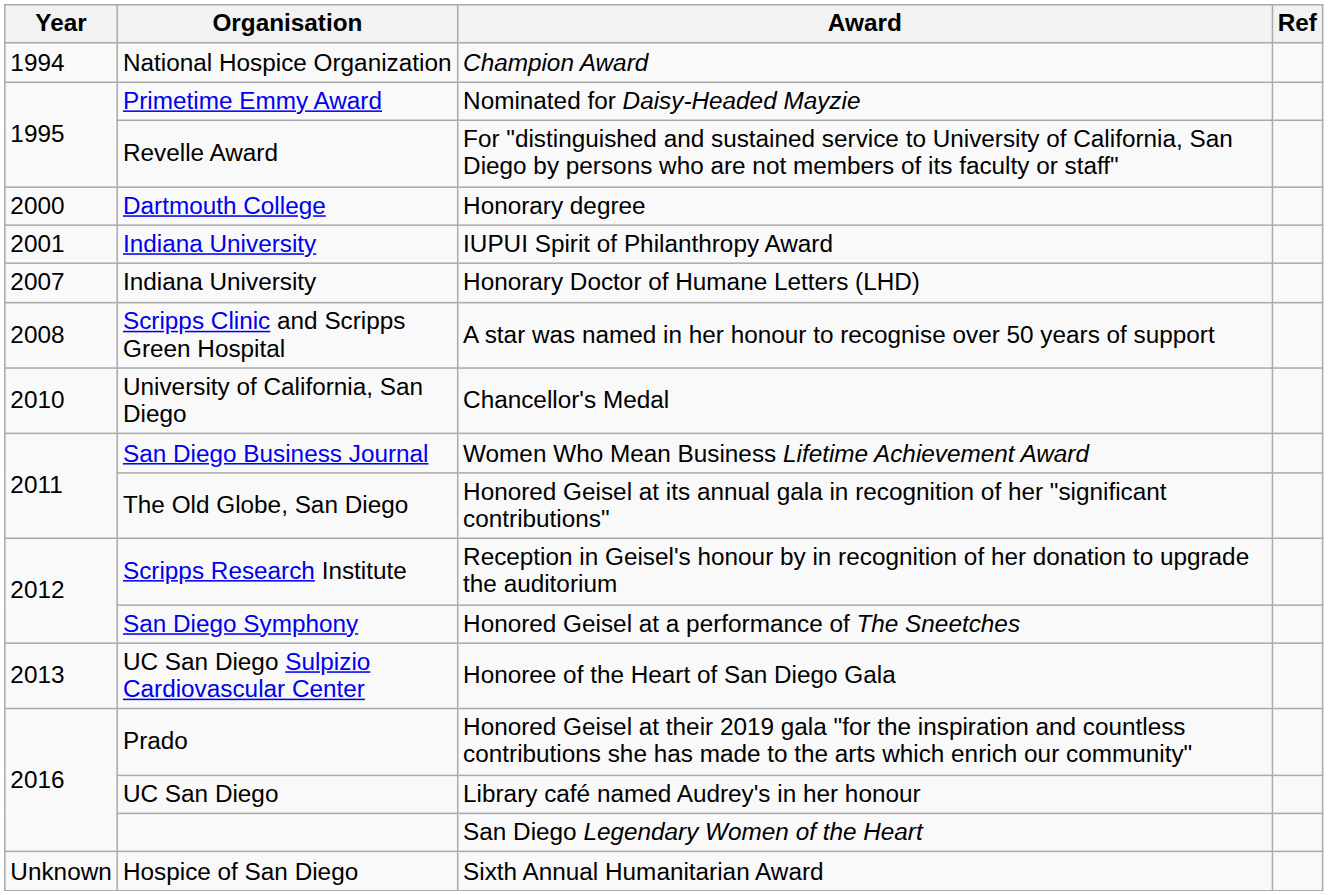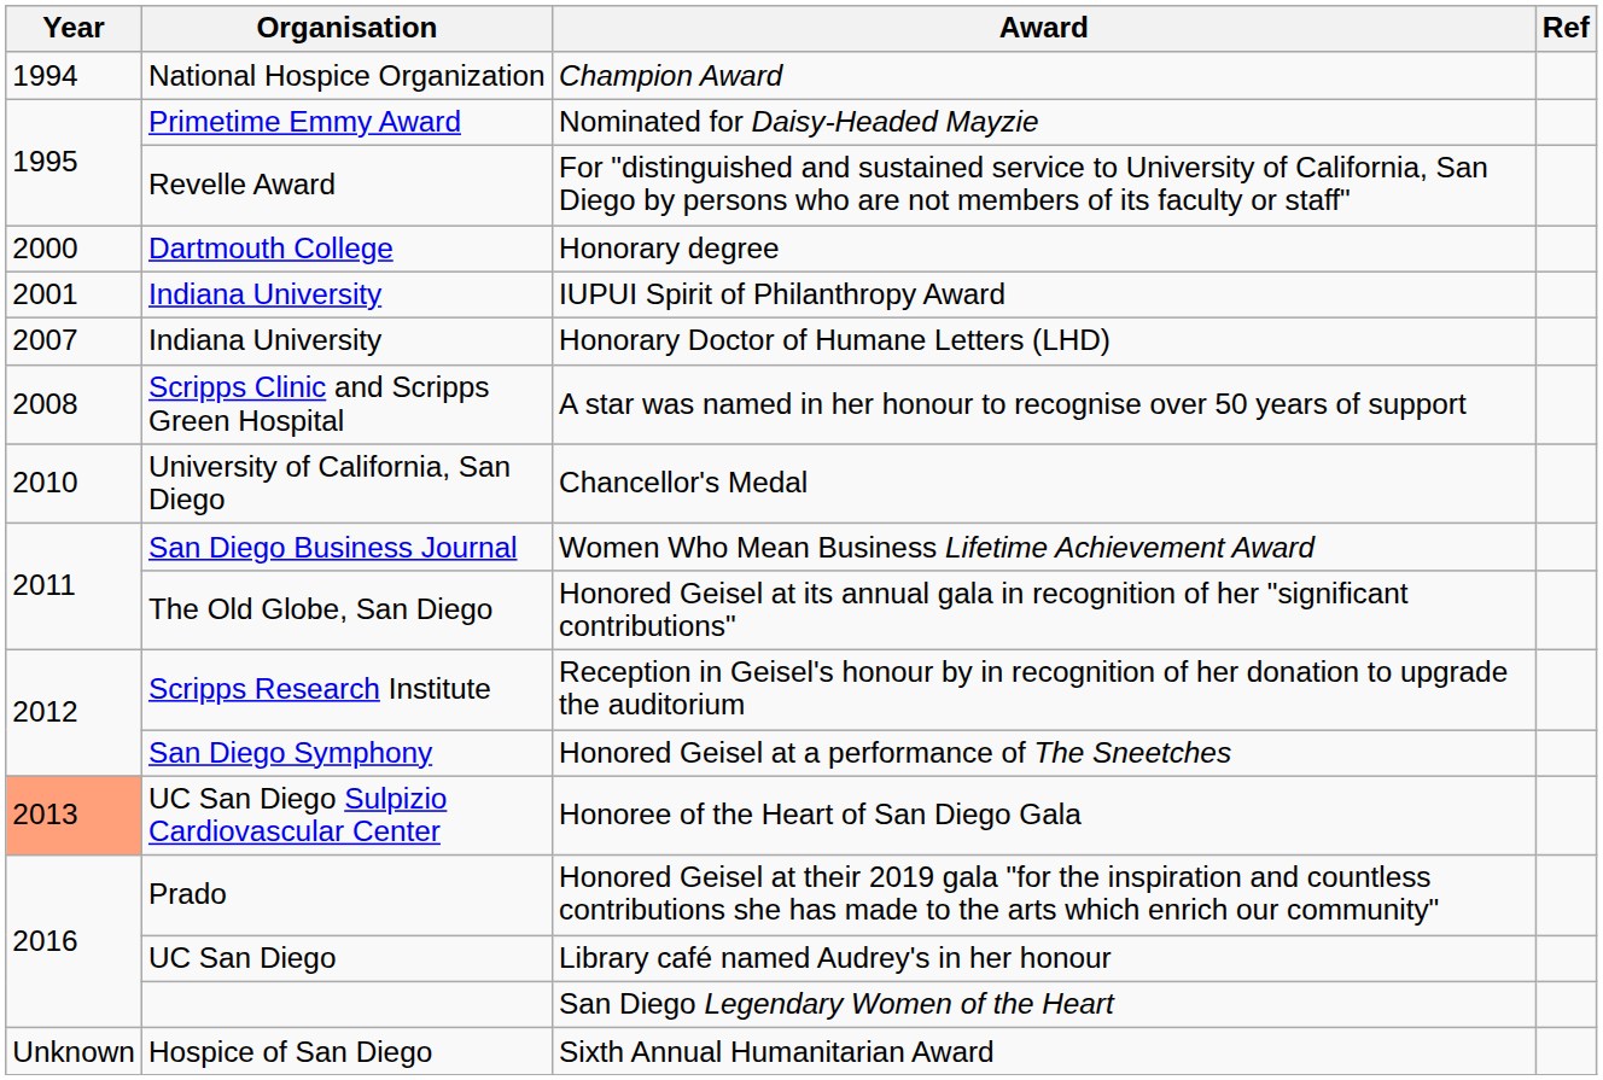 <table class=wikitable>
 <tr>
 <th>Year</th>
 <th>Organisation</th>
 <th>Award</th>
 <th>Ref</th>
 </tr>
 <tr>
 <td>1994</td>
 <td>National Hospice Organization</td>
 <td><em>Champion Award</em></td>
 <td></td>
 </tr>
 <tr>
 <td rowspan="2">1995</td>
 <td><a href='#'>Primetime Emmy Award</a></td>
 <td>Nominated for <em>Daisy-Headed Mayzie</em></td>
 <td></td>
 </tr>
 <tr>
 <td>Revelle Award</td>
 <td>For "distinguished and sustained service to University of California, San Diego by persons who are not members of its faculty or staff"</td>
 <td></td>
 </tr>
 <tr>
 <td>2000</td>
 <td><a href='#'>Dartmouth College</a></td>
 <td>Honorary degree</td>
 <td></td>
 </tr>
 <tr>
 <td>2001</td>
 <td><a href='#'>Indiana University</a></td>
 <td>IUPUI Spirit of Philanthropy Award</td>
 <td></td>
 </tr>
 <tr>
 <td>2007</td>
 <td>Indiana University</td>
 <td>Honorary Doctor of Humane Letters (LHD)</td>
 <td></td>
 </tr>
 <tr>
 <td>2008</td>
 <td><a href='#'>Scripps Clinic</a> and Scripps Green Hospital</td>
 <td>A star was named in her honour to recognise over 50 years of support</td>
 <td></td>
 </tr>
 <tr>
 <td>2010</td>
 <td>University of California, San Diego</td>
 <td>Chancellor's Medal</td>
 <td></td>
 </tr>
 <tr>
 <td rowspan="2">2011</td>
 <td><a href='#'>San Diego Business Journal</a></td>
 <td>Women Who Mean Business <em>Lifetime Achievement Award</em></td>
 <td></td>
 </tr>
 <tr>
 <td>The Old Globe, San Diego</td>
 <td>Honored Geisel at its annual gala in recognition of her "significant contributions"</td>
 <td></td>
 </tr>
 <tr>
 <td rowspan="2">2012</td>
 <td><a href='#'>Scripps Research</a> Institute</td>
 <td>Reception in Geisel's honour by  in recognition of her donation to upgrade the auditorium</td>
 <td></td>
 </tr>
 <tr>
 <td><a href='#'>San Diego Symphony</a></td>
 <td>Honored Geisel at a performance of <em>The Sneetches</em></td>
 <td></td>
 </tr>
 <tr>
-<td>2013</td>
+<td style="background: lightsalmon;">2013</td>
 <td>UC San Diego <a href='#'>Sulpizio Cardiovascular Center</a></td>
 <td>Honoree of the Heart of San Diego Gala</td>
 <td></td>
 </tr>
 <tr>
 <td rowspan="3">2016</td>
 <td>Prado</td>
 <td>Honored Geisel at their 2019 gala "for the inspiration and countless contributions she has made to the arts which enrich our community"</td>
 <td></td>
 </tr>
 <tr>
 <td>UC San Diego</td>
 <td>Library café named Audrey's in her honour</td>
 <td></td>
 </tr>
 <tr>
 <td></td>
 <td>San Diego <em>Legendary Women of the Heart</em></td>
 <td></td>
 </tr>
 <tr>
 <td>Unknown</td>
 <td>Hospice of San Diego</td>
 <td>Sixth Annual Humanitarian Award</td>
 <td></td>
 </tr>
 <tr>
 </tr>
 </table>
